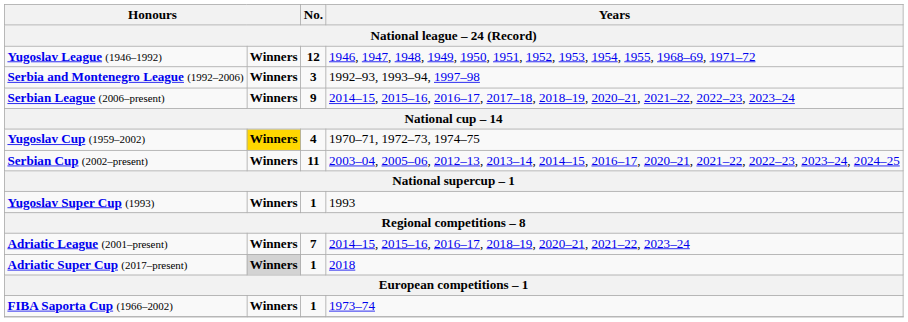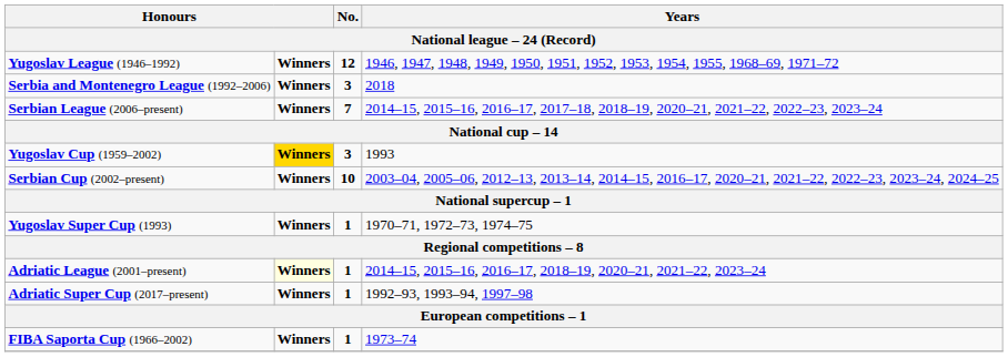 <table class="wikitable">
 <tr>
 <th colspan=2>Honours</th>
 <th>No.</th>
 <th>Years</th>
 </tr>
 <tr>
 <th colspan=6>National league – 24 (Record)</th>
 </tr>
 <tr>
 <td><strong><a href='#'>Yugoslav League</a></strong> <small>(1946–1992)</small></td>
 <td><strong>Winners</strong></td>
 <td align=center><strong>12</strong></td>
 <td><a href='#'>1946</a>, <a href='#'>1947</a>, <a href='#'>1948</a>, <a href='#'>1949</a>, <a href='#'>1950</a>, <a href='#'>1951</a>, <a href='#'>1952</a>, <a href='#'>1953</a>, <a href='#'>1954</a>, <a href='#'>1955</a>, <a href='#'>1968–69</a>, <a href='#'>1971–72</a></td>
 </tr>
 <tr>
 <td><strong><a href='#'>Serbia and Montenegro League</a></strong> <small>(1992–2006)</small></td>
 <td><strong>Winners</strong></td>
 <td align=center><strong>3</strong></td>
-<td>1992–93, 1993–94, <a href='#'>1997–98</a></td>
+<td><a href='#'>2018</a></td>
 </tr>
 <tr>
 <td><strong><a href='#'>Serbian League</a></strong> <small>(2006–present)</small></td>
 <td><strong>Winners</strong></td>
-<td align=center><strong>9</strong></td>
+<td align=center><strong>7</strong></td>
 <td><a href='#'>2014–15</a>, <a href='#'>2015–16</a>, <a href='#'>2016–17</a>, <a href='#'>2017–18</a>, <a href='#'>2018–19</a>, <a href='#'>2020–21</a>, <a href='#'>2021–22</a>, <a href='#'>2022–23</a>, <a href='#'>2023–24</a></td>
 </tr>
 <tr>
 <th colspan=6>National cup – 14</th>
 </tr>
 <tr>
 <td><strong><a href='#'>Yugoslav Cup</a></strong> <small>(1959–2002)</small></td>
 <td style="background: gold;"><strong>Winners</strong></td>
-<td align=center><strong>4</strong></td>
-<td>1970–71, 1972–73, 1974–75</td>
+<td align=center><strong>3</strong></td>
+<td>1993</td>
 </tr>
 <tr>
 <td><strong><a href='#'> Serbian Cup</a></strong> <small>(2002–present)</small></td>
 <td><strong>Winners</strong></td>
-<td align=center><strong>11</strong></td>
+<td align=center><strong>10</strong></td>
 <td><a href='#'>2003–04</a>, <a href='#'>2005–06</a>, <a href='#'>2012–13</a>, <a href='#'>2013–14</a>, <a href='#'>2014–15</a>, <a href='#'>2016–17</a>, <a href='#'>2020–21</a>, <a href='#'>2021–22</a>, <a href='#'>2022–23</a>, <a href='#'>2023–24</a>, <a href='#'>2024–25</a></td>
 </tr>
 <tr>
 <th colspan=6>National supercup – 1</th>
 </tr>
 <tr>
 <td><strong><a href='#'>Yugoslav Super Cup</a></strong> <small>(1993)</small></td>
 <td><strong>Winners</strong></td>
 <td align=center><strong>1</strong></td>
-<td>1993</td>
+<td>1970–71, 1972–73, 1974–75</td>
 </tr>
 <tr>
 <th colspan=6>Regional competitions – 8</th>
 </tr>
 <tr>
 <td><strong><a href='#'>Adriatic League</a></strong> <small>(2001–present)</small></td>
-<td><strong>Winners</strong></td>
-<td align=center><strong>7</strong></td>
+<td style="background: lightyellow;"><strong>Winners</strong></td>
+<td align=center><strong>1</strong></td>
 <td><a href='#'>2014–15</a>, <a href='#'>2015–16</a>, <a href='#'>2016–17</a>, <a href='#'>2018–19</a>, <a href='#'>2020–21</a>, <a href='#'>2021–22</a>,  <a href='#'>2023–24</a></td>
 </tr>
 <tr>
 <td><strong><a href='#'>Adriatic Super Cup</a></strong> <small>(2017–present)</small></td>
-<td style="background: lightgrey;"><strong>Winners</strong></td>
+<td><strong>Winners</strong></td>
 <td align=center><strong>1</strong></td>
-<td><a href='#'>2018</a></td>
+<td>1992–93, 1993–94, <a href='#'>1997–98</a></td>
 </tr>
 <tr>
 <th colspan=6>European competitions – 1</th>
 </tr>
 <tr>
 <td><strong><a href='#'>FIBA Saporta Cup</a></strong> <small>(1966–2002)</small></td>
 <td><strong>Winners</strong></td>
 <td align=center><strong>1</strong></td>
 <td><a href='#'>1973–74</a></td>
 </tr>
 <tr>
 </tr>
 </table>
